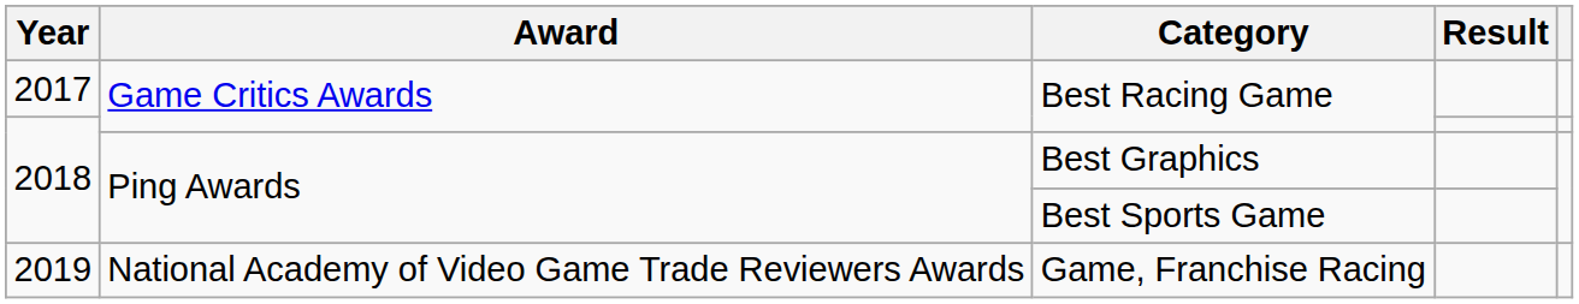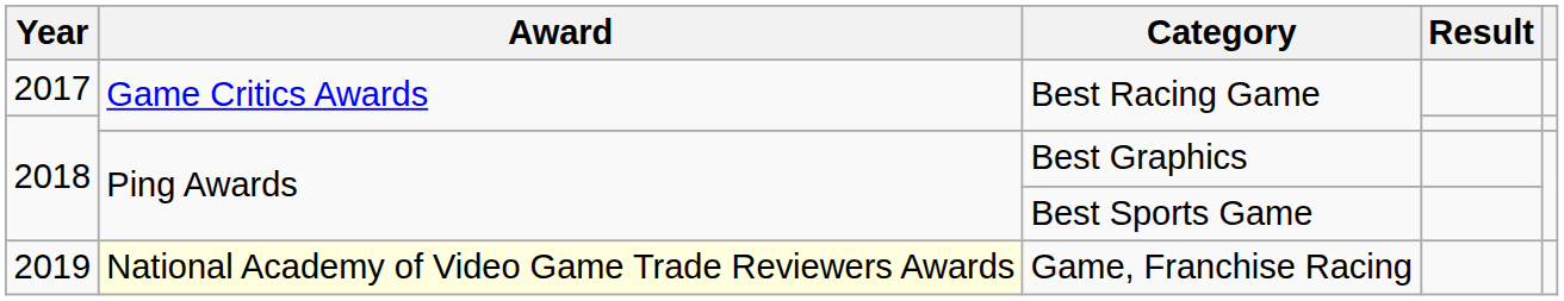 <table class="wikitable sortable">
 <tr>
 <th>Year</th>
 <th>Award</th>
 <th>Category</th>
 <th>Result</th>
 <th></th>
 </tr>
 <tr>
 <td style="text-align:center;" rowspan="1">2017</td>
 <td rowspan="2"><a href='#'>Game Critics Awards</a></td>
 <td rowspan="2">Best Racing Game</td>
 <td></td>
 <td style="text-align:center;"></td>
 </tr>
 <tr>
 <td style="text-align:center;" rowspan="3">2018</td>
 <td></td>
 <td style="text-align:center;"></td>
 </tr>
 <tr>
 <td rowspan="2">Ping Awards</td>
 <td>Best Graphics</td>
 <td></td>
 <td rowspan="2" style="text-align:center;"></td>
 </tr>
 <tr>
 <td>Best Sports Game</td>
 <td></td>
 </tr>
 <tr>
 <td style="text-align:center;" rowspan="1">2019</td>
-<td>National Academy of Video Game Trade Reviewers Awards</td>
+<td style="background: lightyellow;">National Academy of Video Game Trade Reviewers Awards</td>
 <td>Game, Franchise Racing</td>
 <td></td>
 <td style="text-align:center;"></td>
 </tr>
 </table>
